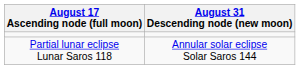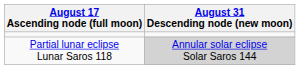 <table class="wikitable">
 <tr>
 <th><a href='#'>August 17</a><br>Ascending node (full moon)<br></th>
 <th><a href='#'>August 31</a><br>Descending node (new moon)<br></th>
 </tr>
 <tr>
 <td></td>
 <td></td>
 </tr>
 <tr align=center>
 <td><a href='#'>Partial lunar eclipse</a><br>Lunar Saros 118</td>
-<td><a href='#'>Annular solar eclipse</a><br>Solar Saros 144</td>
+<td style="background: lightgrey;"><a href='#'>Annular solar eclipse</a><br>Solar Saros 144</td>
 </tr>
 </table>
